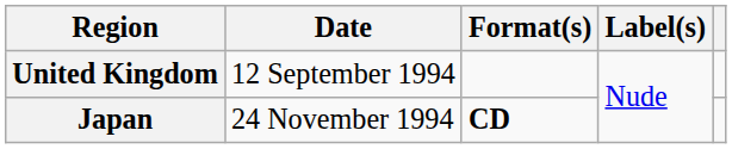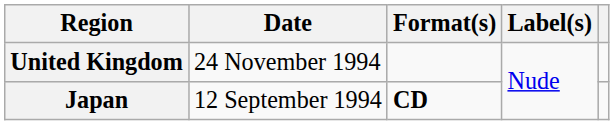 <table class="wikitable plainrowheaders">
 <tr>
 <th scope="col">Region</th>
 <th scope="col">Date</th>
 <th scope="col">Format(s)</th>
 <th scope="col">Label(s)</th>
 <th scope="col"></th>
 </tr>
 <tr>
 <th scope="row">United Kingdom</th>
-<td>12 September 1994</td>
+<td>24 November 1994</td>
 <td></td>
 <td rowspan="2"><a href='#'>Nude</a></td>
 <td></td>
 </tr>
 <tr>
 <th scope="row">Japan</th>
-<td>24 November 1994</td>
+<td>12 September 1994</td>
 <td><strong>CD</strong></td>
 <td></td>
 </tr>
 </table>
